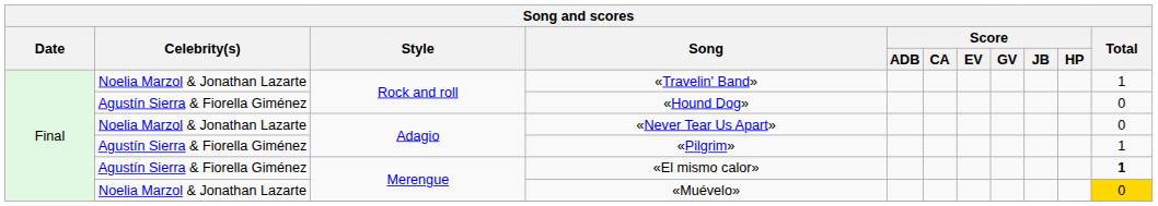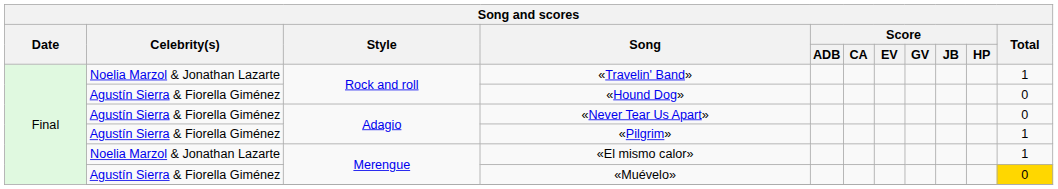 <table class="wikitable collapsible collapsed" style="font-size:95%; text-align: center; width: 100%">
 <tr>
 <th colspan="11" style="with: 100%" align=center>Song and scores</th>
 </tr>
 <tr>
 <th rowspan="2">Date</th>
 <th rowspan="2" width="230">Celebrity(s)</th>
 <th rowspan="2">Style</th>
 <th rowspan="2">Song</th>
 <th colspan="6">Score</th>
 <th rowspan="2" width="60">Total</th>
 </tr>
 <tr>
 <th width=30>ADB</th>
 <th width=30>CA</th>
 <th width=30>EV</th>
 <th width=30>GV</th>
 <th width=30>JB</th>
 <th width=30>HP</th>
 </tr>
 <tr>
 <td rowspan="8" style=" background:#E0F9E0">Final<br></td>
 <td><a href='#'>Noelia Marzol</a> & Jonathan Lazarte</td>
 <td rowspan="2"><a href='#'>Rock and roll</a></td>
 <td>«<a href='#'>Travelin' Band</a>» </td>
 <td></td>
 <td></td>
 <td></td>
 <td></td>
 <td></td>
 <td></td>
 <td>1</td>
 </tr>
 <tr>
 <td><a href='#'>Agustín Sierra</a> & Fiorella Giménez</td>
 <td>«<a href='#'>Hound Dog</a>» </td>
 <td></td>
 <td></td>
 <td></td>
 <td></td>
 <td></td>
 <td></td>
 <td>0</td>
 </tr>
 <tr>
-<td><a href='#'>Noelia Marzol</a> & Jonathan Lazarte</td>
+<td><a href='#'>Agustín Sierra</a> & Fiorella Giménez</td>
 <td rowspan="2"><a href='#'>Adagio</a></td>
 <td>«<a href='#'>Never Tear Us Apart</a>» </td>
 <td></td>
 <td></td>
 <td></td>
 <td></td>
 <td></td>
 <td></td>
 <td>0</td>
 </tr>
 <tr>
 <td><a href='#'>Agustín Sierra</a> & Fiorella Giménez</td>
 <td>«<a href='#'>Pilgrim</a>» </td>
 <td></td>
 <td></td>
 <td></td>
 <td></td>
 <td></td>
 <td></td>
 <td>1</td>
 </tr>
 <tr>
-<td><a href='#'>Agustín Sierra</a> & Fiorella Giménez</td>
+<td><a href='#'>Noelia Marzol</a> & Jonathan Lazarte</td>
 <td rowspan="2"><a href='#'>Merengue</a></td>
 <td>«El mismo calor» </td>
 <td></td>
 <td></td>
 <td></td>
 <td></td>
 <td></td>
 <td></td>
-<td><strong>1</strong></td>
+<td>1</td>
 </tr>
 <tr>
-<td><a href='#'>Noelia Marzol</a> & Jonathan Lazarte</td>
+<td><a href='#'>Agustín Sierra</a> & Fiorella Giménez</td>
 <td>«Muévelo» </td>
 <td></td>
 <td></td>
 <td></td>
 <td></td>
 <td></td>
 <td></td>
 <td style="background: gold;">0</td>
 </tr>
 <tr>
 </tr>
 </table>
